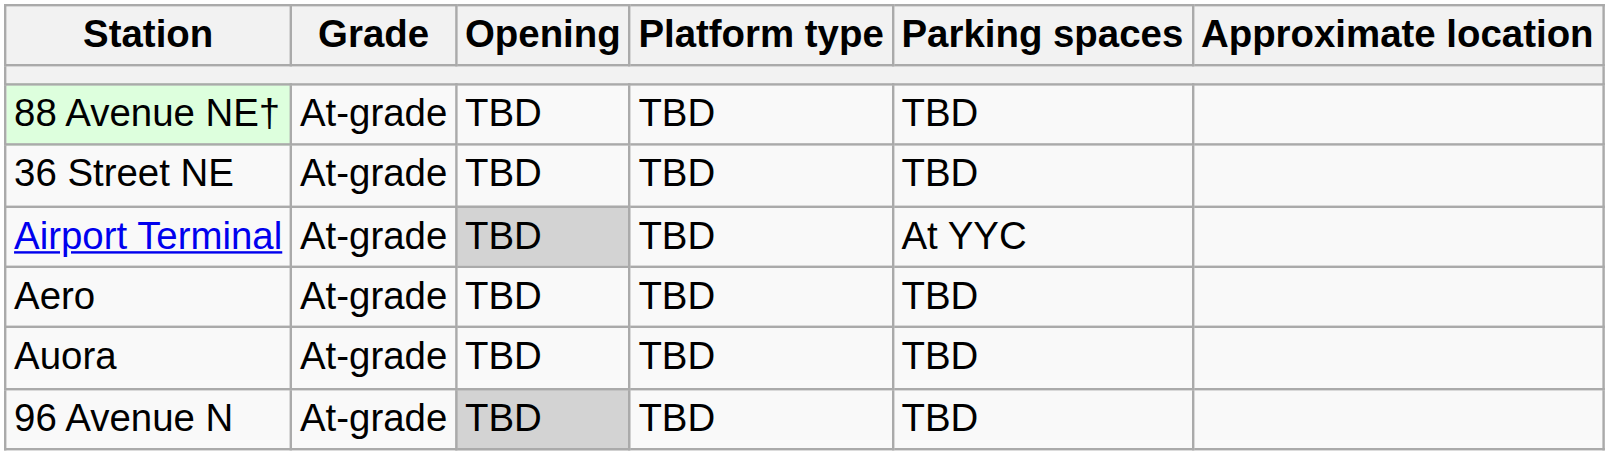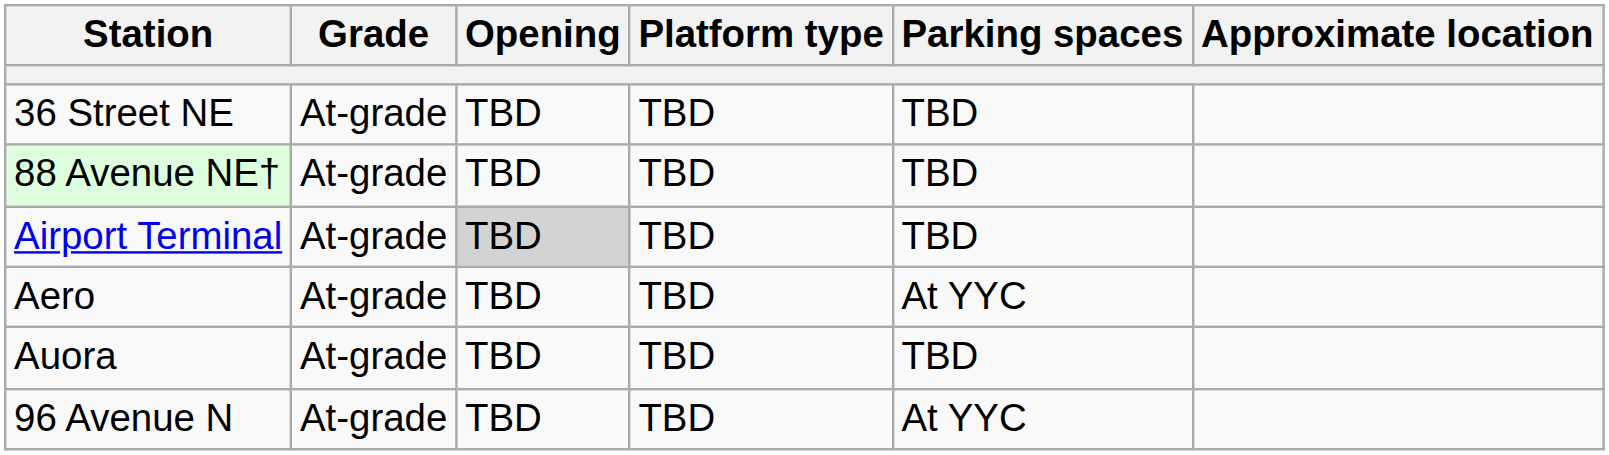 <table class="wikitable sortable">
 <tr>
 <th>Station</th>
 <th>Grade</th>
 <th>Opening</th>
 <th>Platform type</th>
 <th data-sort-type="number">Parking spaces</th>
 <th class="unsortable">Approximate location</th>
 </tr>
 <tr>
 <th colspan="6" style="background:#"></th>
 </tr>
 <tr>
-<td style="background-color:#ddffdd">88 Avenue NE†</td>
+<td>36 Street NE</td>
 <td>At-grade</td>
 <td>TBD</td>
 <td>TBD</td>
 <td>TBD</td>
 <td></td>
 </tr>
 <tr>
-<td>36 Street NE</td>
+<td style="background-color:#ddffdd">88 Avenue NE†</td>
 <td>At-grade</td>
 <td>TBD</td>
 <td>TBD</td>
 <td>TBD</td>
 <td></td>
 </tr>
 <tr>
 <td><a href='#'>Airport Terminal</a></td>
 <td>At-grade</td>
 <td style="background: lightgrey;">TBD</td>
 <td>TBD</td>
-<td>At YYC</td>
+<td>TBD</td>
 <td></td>
 </tr>
 <tr>
 <td>Aero</td>
 <td>At-grade</td>
 <td>TBD</td>
 <td>TBD</td>
-<td>TBD</td>
+<td>At YYC</td>
 <td></td>
 </tr>
 <tr>
 <td>Auora</td>
 <td>At-grade</td>
 <td>TBD</td>
 <td>TBD</td>
 <td>TBD</td>
 <td></td>
 </tr>
 <tr>
 <td>96 Avenue N</td>
 <td>At-grade</td>
-<td style="background: lightgrey;">TBD</td>
 <td>TBD</td>
 <td>TBD</td>
+<td>At YYC</td>
 <td></td>
 </tr>
 </table>
